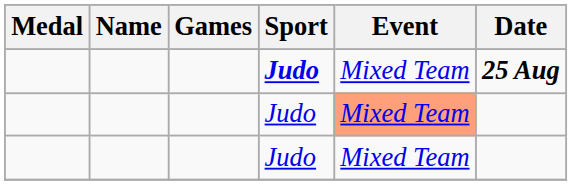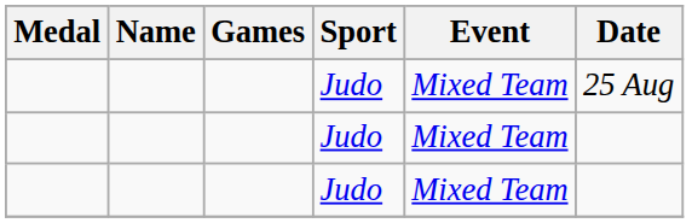 <table class="wikitable sortable" style="font-size:90%">
 <tr>
 <th>Medal</th>
 <th>Name</th>
 <th>Games</th>
 <th>Sport</th>
 <th>Event</th>
 <th>Date</th>
 </tr>
 <tr>
 <td><em></em></td>
 <td><em></em></td>
 <td></td>
-<td><strong><em></em> <em><a href='#'>Judo</a></em></strong></td>
+<td><em></em> <em><a href='#'>Judo</a></em></td>
 <td><em><a href='#'>Mixed Team</a></em></td>
-<td><strong><em>25 Aug</em></strong></td>
+<td><em>25 Aug</em></td>
 </tr>
 <tr>
 <td><em></em></td>
 <td><em></em></td>
 <td></td>
 <td><em></em> <em><a href='#'>Judo</a></em></td>
-<td style="background: lightsalmon;"><em><a href='#'>Mixed Team</a></em></td>
+<td><em><a href='#'>Mixed Team</a></em></td>
 <td><em></em></td>
 </tr>
 <tr>
 <td><em></em></td>
 <td><em> </em></td>
 <td></td>
 <td><em></em> <em><a href='#'>Judo</a> </em></td>
 <td><em><a href='#'>Mixed Team</a> </em></td>
 <td><em></em></td>
 </tr>
 <tr>
 </tr>
 </table>
